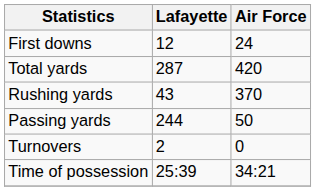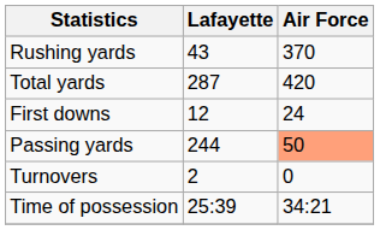 <table class="wikitable">
 <tr>
 <th>Statistics</th>
 <th>Lafayette</th>
 <th>Air Force</th>
 </tr>
 <tr>
-<td>First downs</td>
-<td>12</td>
-<td>24</td>
+<td>Rushing yards</td>
+<td>43</td>
+<td>370</td>
 </tr>
 <tr>
 <td>Total yards</td>
 <td>287</td>
 <td>420</td>
 </tr>
 <tr>
-<td>Rushing yards</td>
-<td>43</td>
-<td>370</td>
+<td>First downs</td>
+<td>12</td>
+<td>24</td>
 </tr>
 <tr>
 <td>Passing yards</td>
 <td>244</td>
-<td>50</td>
+<td style="background: lightsalmon;">50</td>
 </tr>
 <tr>
 <td>Turnovers</td>
 <td>2</td>
 <td>0</td>
 </tr>
 <tr>
 <td>Time of possession</td>
 <td>25:39</td>
 <td>34:21</td>
 </tr>
 <tr>
 </tr>
 </table>
